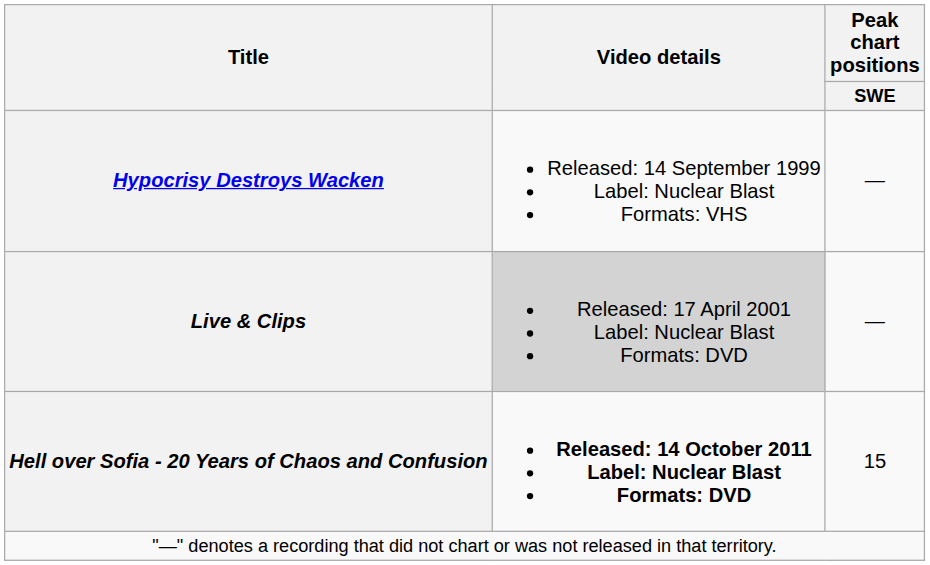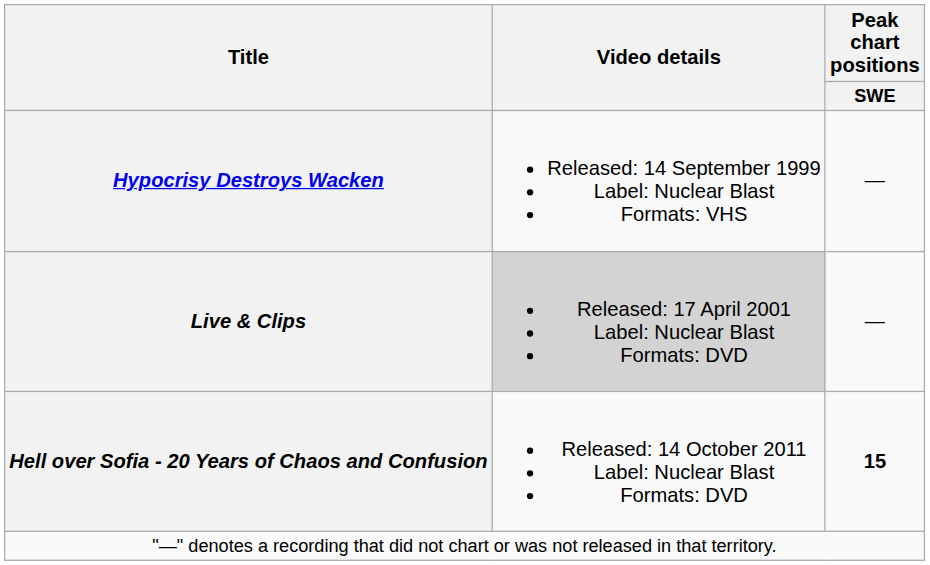 <table class="wikitable plainrowheaders" style="text-align:center;">
 <tr>
 <th scope="col" rowspan="2">Title</th>
 <th scope="col" rowspan="2">Video details</th>
 <th scope="col" colspan="1">Peak chart positions</th>
 </tr>
 <tr>
 <th scope="col" style="width:3em;font-size:90%;">SWE<br></th>
 </tr>
 <tr>
 <th scope="row"><em><a href='#'>Hypocrisy Destroys Wacken</a></em></th>
 <td><br><ul><li>Released: 14 September 1999</li><li>Label: Nuclear Blast</li><li>Formats: VHS</li></ul></td>
 <td>—</td>
 </tr>
 <tr>
 <th scope="row"><em>Live & Clips</em></th>
 <td style="background: lightgrey;"><br><ul><li>Released: 17 April 2001</li><li>Label: Nuclear Blast</li><li>Formats: DVD</li></ul></td>
 <td>—</td>
 </tr>
 <tr>
 <th scope="row"><em>Hell over Sofia - 20 Years of Chaos and Confusion</em></th>
-<td><strong><br><ul><li>Released: 14 October 2011</li><li>Label: Nuclear Blast</li><li>Formats: DVD</li></ul></strong></td>
-<td>15</td>
+<td><br><ul><li>Released: 14 October 2011</li><li>Label: Nuclear Blast</li><li>Formats: DVD</li></ul></td>
+<td><strong>15</strong></td>
 </tr>
 <tr>
 <td colspan="10" style="font-size:90%">"—" denotes a recording that did not chart or was not released in that territory.</td>
 </tr>
 </table>
